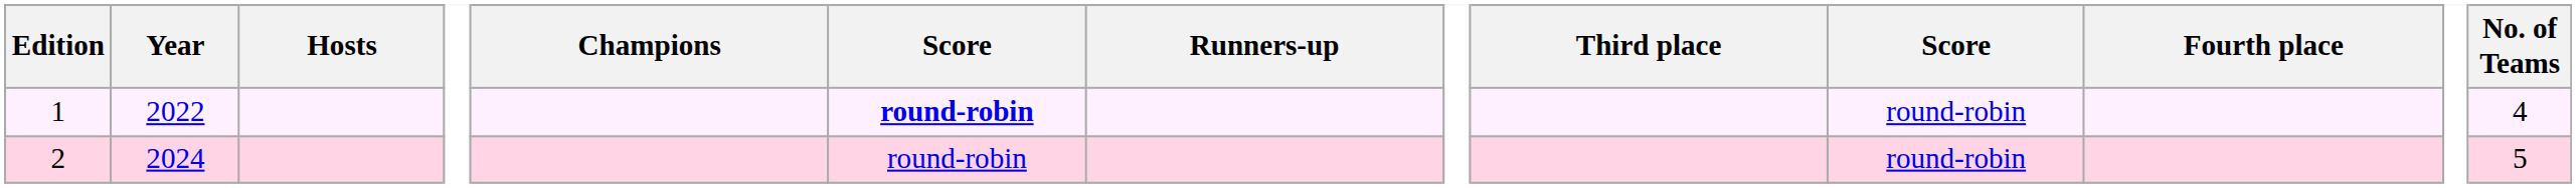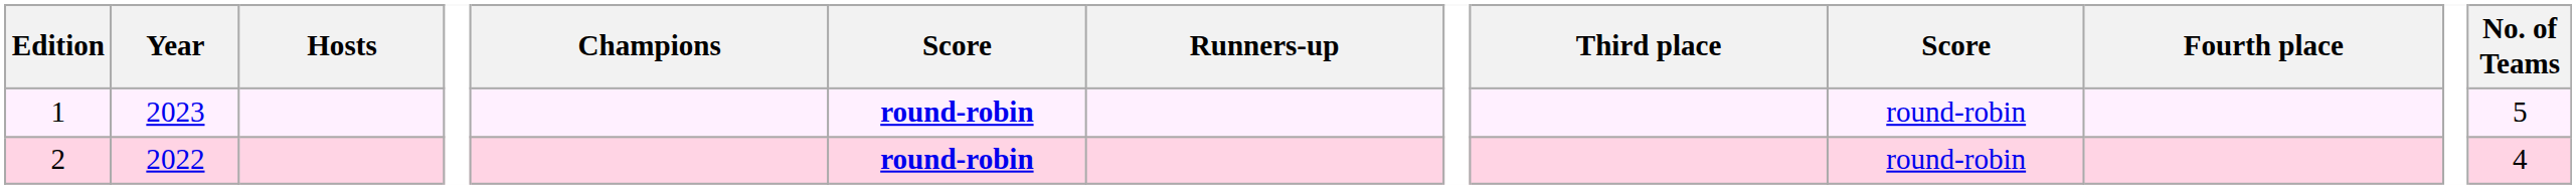 <table class="wikitable" style="text-align:center;width:100%; font-size:90%;">
 <tr>
 <th width=2%>Edition</th>
 <th width=5%>Year</th>
 <th width=8%>Hosts</th>
 <td rowspan="5" style="width:1%;background:#fff;border-top-style:hidden;border-bottom-style:hidden;"></td>
 <th style="width:14%;">Champions</th>
 <th width=10%>Score</th>
 <th style="width:14%;">Runners-up</th>
 <td rowspan="5" style="width:1%;background:#fff;border-top-style:hidden;border-bottom-style:hidden;"></td>
 <th style="width:14%;">Third place</th>
 <th width=10%>Score</th>
 <th style="width:14%;">Fourth place</th>
 <td rowspan="5" style="width:1%;background:#fff;border-top-style:hidden;border-bottom-style:hidden;"></td>
 <th width=4%>No. of Teams</th>
 </tr>
 <tr align="centre" bgcolor="#fff0ff">
 <td>1</td>
+<td><a href='#'>2023</a></td>
+<td align="left"></td>
+<td><strong></strong></td>
+<td><strong><a href='#'>round-robin</a></strong></td>
+<td></td>
+<td></td>
+<td><a href='#'>round-robin</a></td>
+<td></td>
+<td>5</td>
+</tr>
+<tr align="centre" bgcolor="#FFD4E4">
+<td>2</td>
 <td><a href='#'>2022</a></td>
 <td align="left"></td>
 <td><strong></strong></td>
 <td><strong><a href='#'>round-robin</a></strong></td>
 <td></td>
 <td></td>
 <td><a href='#'>round-robin</a></td>
 <td></td>
 <td>4</td>
 </tr>
-<tr align="centre" bgcolor="#FFD4E4">
-<td>2</td>
-<td><a href='#'>2024</a></td>
-<td align="left"></td>
-<td><strong></strong></td>
-<td><a href='#'>round-robin</a></td>
-<td></td>
-<td></td>
-<td><a href='#'>round-robin</a></td>
-<td></td>
-<td>5</td>
-</tr>
 </table>
